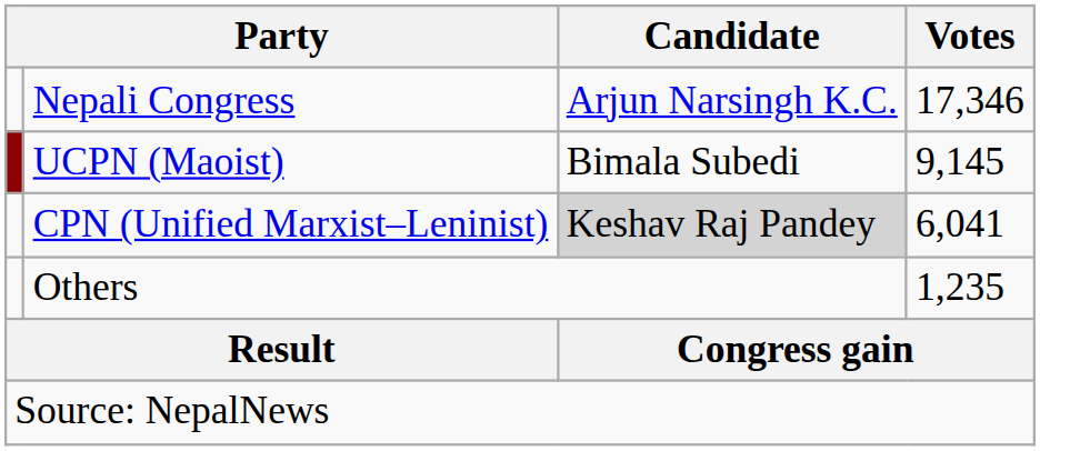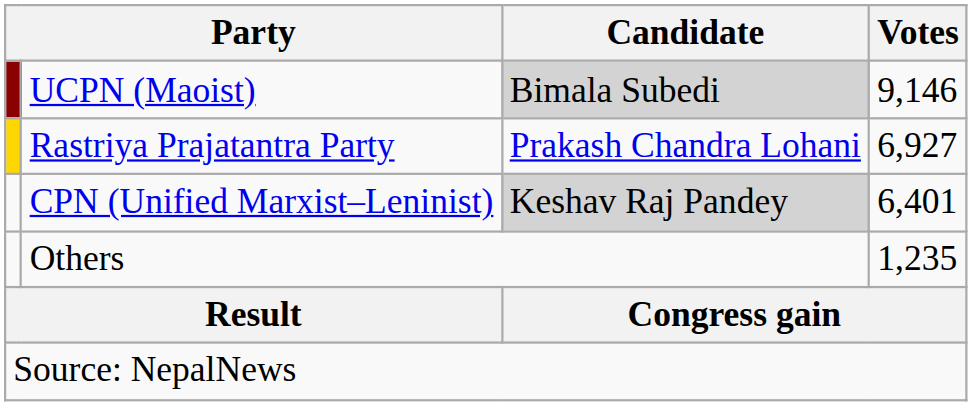 <table class="wikitable">
 <tr>
 <th colspan="2">Party</th>
 <th>Candidate</th>
 <th>Votes</th>
 </tr>
 <tr>
-<td style="background-color:"></td>
-<td><a href='#'>Nepali Congress</a></td>
-<td><a href='#'>Arjun Narsingh K.C.</a></td>
-<td>17,346</td>
+<td style="background-color:darkred"></td>
+<td><a href='#'>UCPN (Maoist)</a></td>
+<td style="background: lightgrey;">Bimala Subedi</td>
+<td>9,146</td>
 </tr>
 <tr>
-<td style="background-color:darkred"></td>
-<td><a href='#'>UCPN (Maoist)</a></td>
-<td>Bimala Subedi</td>
-<td>9,145</td>
+<td style="background-color:gold"></td>
+<td><a href='#'>Rastriya Prajatantra Party</a></td>
+<td><a href='#'>Prakash Chandra Lohani</a></td>
+<td>6,927</td>
 </tr>
 <tr>
 <td style="background-color:"></td>
 <td><a href='#'>CPN (Unified Marxist–Leninist)</a></td>
 <td style="background: lightgrey;">Keshav Raj Pandey</td>
-<td>6,041</td>
+<td>6,401</td>
 </tr>
 <tr>
 <td></td>
 <td colspan="2">Others</td>
 <td>1,235</td>
 </tr>
 <tr>
 <th colspan="2">Result</th>
 <th colspan="2">Congress gain</th>
 </tr>
 <tr>
 <td colspan="4">Source: NepalNews</td>
 </tr>
 </table>
